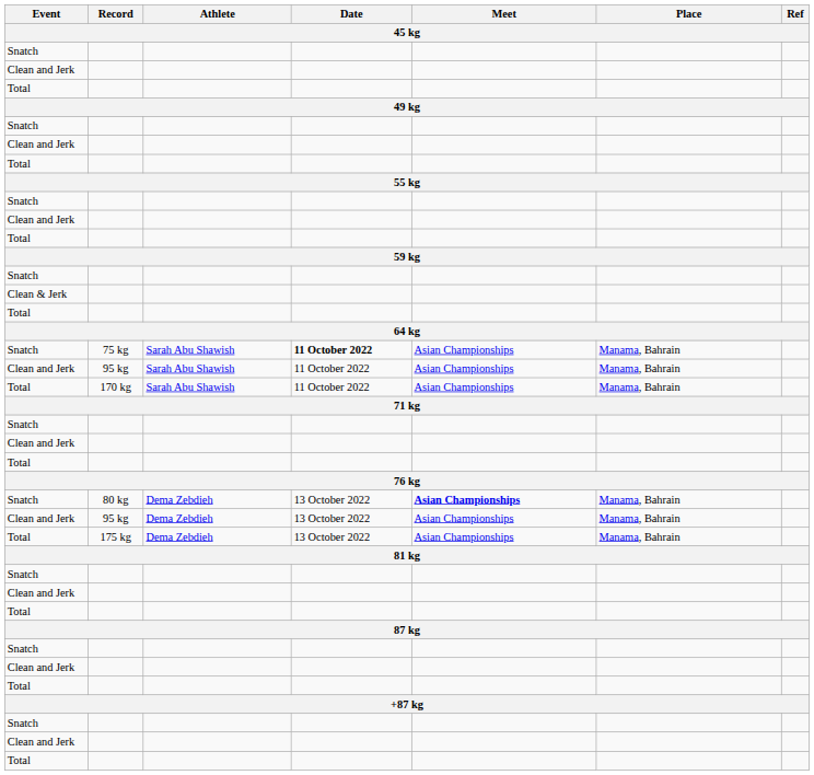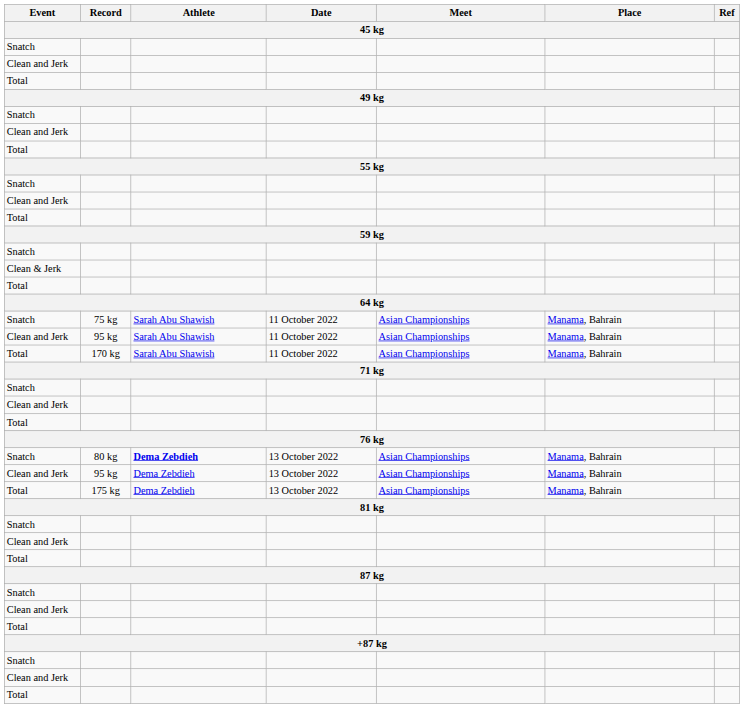 <table class="wikitable" style="font-size:95%;">
 <tr>
 <th width=9%>Event</th>
 <th width=6%>Record</th>
 <th width=16%>Athlete</th>
 <th width=13%>Date</th>
 <th width=20%>Meet</th>
 <th width=20%>Place</th>
 <th width=3%>Ref</th>
 </tr>
 <tr bgcolor="#DDDDDD">
 <th colspan="7">45 kg</th>
 </tr>
 <tr>
 <td>Snatch</td>
 <td align="center"></td>
 <td></td>
 <td></td>
 <td></td>
 <td></td>
 <td></td>
 </tr>
 <tr>
 <td>Clean and Jerk</td>
 <td align="center"></td>
 <td></td>
 <td></td>
 <td></td>
 <td></td>
 <td></td>
 </tr>
 <tr>
 <td>Total</td>
 <td align="center"></td>
 <td></td>
 <td></td>
 <td></td>
 <td></td>
 <td></td>
 </tr>
 <tr bgcolor="#DDDDDD">
 <th colspan="7">49 kg</th>
 </tr>
 <tr>
 <td>Snatch</td>
 <td align="center"></td>
 <td></td>
 <td></td>
 <td></td>
 <td></td>
 <td></td>
 </tr>
 <tr>
 <td>Clean and Jerk</td>
 <td align="center"></td>
 <td></td>
 <td></td>
 <td></td>
 <td></td>
 <td></td>
 </tr>
 <tr>
 <td>Total</td>
 <td align="center"></td>
 <td></td>
 <td></td>
 <td></td>
 <td></td>
 <td></td>
 </tr>
 <tr bgcolor="#DDDDDD">
 <th colspan="7">55 kg</th>
 </tr>
 <tr>
 <td>Snatch</td>
 <td align="center"></td>
 <td></td>
 <td></td>
 <td></td>
 <td></td>
 <td></td>
 </tr>
 <tr>
 <td>Clean and Jerk</td>
 <td align="center"></td>
 <td></td>
 <td></td>
 <td></td>
 <td></td>
 <td></td>
 </tr>
 <tr>
 <td>Total</td>
 <td align="center"></td>
 <td></td>
 <td></td>
 <td></td>
 <td></td>
 <td></td>
 </tr>
 <tr bgcolor="#DDDDDD">
 <th colspan="7">59 kg</th>
 </tr>
 <tr>
 <td>Snatch</td>
 <td align="center"></td>
 <td></td>
 <td></td>
 <td></td>
 <td></td>
 <td></td>
 </tr>
 <tr>
 <td>Clean & Jerk</td>
 <td align="center"></td>
 <td></td>
 <td></td>
 <td></td>
 <td></td>
 <td></td>
 </tr>
 <tr>
 <td>Total</td>
 <td align="center"></td>
 <td></td>
 <td></td>
 <td></td>
 <td></td>
 <td></td>
 </tr>
 <tr bgcolor="#DDDDDD">
 <th colspan="7">64 kg</th>
 </tr>
 <tr>
 <td>Snatch</td>
 <td align="center">75 kg</td>
 <td><a href='#'>Sarah Abu Shawish</a></td>
-<td><strong>11 October 2022</strong></td>
+<td>11 October 2022</td>
 <td><a href='#'>Asian Championships</a></td>
 <td><a href='#'>Manama</a>, Bahrain</td>
 <td></td>
 </tr>
 <tr>
 <td>Clean and Jerk</td>
 <td align="center">95 kg</td>
 <td><a href='#'>Sarah Abu Shawish</a></td>
 <td>11 October 2022</td>
 <td><a href='#'>Asian Championships</a></td>
 <td><a href='#'>Manama</a>, Bahrain</td>
 <td></td>
 </tr>
 <tr>
 <td>Total</td>
 <td align="center">170 kg</td>
 <td><a href='#'>Sarah Abu Shawish</a></td>
 <td>11 October 2022</td>
 <td><a href='#'>Asian Championships</a></td>
 <td><a href='#'>Manama</a>, Bahrain</td>
 <td></td>
 </tr>
 <tr bgcolor="#DDDDDD">
 <th colspan="7">71 kg</th>
 </tr>
 <tr>
 <td>Snatch</td>
 <td align="center"></td>
 <td></td>
 <td></td>
 <td></td>
 <td></td>
 <td></td>
 </tr>
 <tr>
 <td>Clean and Jerk</td>
 <td align="center"></td>
 <td></td>
 <td></td>
 <td></td>
 <td></td>
 <td></td>
 </tr>
 <tr>
 <td>Total</td>
 <td align="center"></td>
 <td></td>
 <td></td>
 <td></td>
 <td></td>
 <td></td>
 </tr>
 <tr bgcolor="#DDDDDD">
 <th colspan="7">76 kg</th>
 </tr>
 <tr>
 <td>Snatch</td>
 <td align="center">80 kg</td>
-<td><a href='#'>Dema Zebdieh</a></td>
+<td><strong><a href='#'>Dema Zebdieh</a></strong></td>
 <td>13 October 2022</td>
-<td><strong><a href='#'>Asian Championships</a></strong></td>
+<td><a href='#'>Asian Championships</a></td>
 <td><a href='#'>Manama</a>, Bahrain</td>
 <td></td>
 </tr>
 <tr>
 <td>Clean and Jerk</td>
 <td align="center">95 kg</td>
 <td><a href='#'>Dema Zebdieh</a></td>
 <td>13 October 2022</td>
 <td><a href='#'>Asian Championships</a></td>
 <td><a href='#'>Manama</a>, Bahrain</td>
 <td></td>
 </tr>
 <tr>
 <td>Total</td>
 <td align="center">175 kg</td>
 <td><a href='#'>Dema Zebdieh</a></td>
 <td>13 October 2022</td>
 <td><a href='#'>Asian Championships</a></td>
 <td><a href='#'>Manama</a>, Bahrain</td>
 <td></td>
 </tr>
 <tr bgcolor="#DDDDDD">
 <th colspan="7">81 kg</th>
 </tr>
 <tr>
 <td>Snatch</td>
 <td align="center"></td>
 <td></td>
 <td></td>
 <td></td>
 <td></td>
 <td></td>
 </tr>
 <tr>
 <td>Clean and Jerk</td>
 <td align="center"></td>
 <td></td>
 <td></td>
 <td></td>
 <td></td>
 <td></td>
 </tr>
 <tr>
 <td>Total</td>
 <td align="center"></td>
 <td></td>
 <td></td>
 <td></td>
 <td></td>
 <td></td>
 </tr>
 <tr bgcolor="#DDDDDD">
 <th colspan="7">87 kg</th>
 </tr>
 <tr>
 <td>Snatch</td>
 <td align="center"></td>
 <td></td>
 <td></td>
 <td></td>
 <td></td>
 <td></td>
 </tr>
 <tr>
 <td>Clean and Jerk</td>
 <td align="center"></td>
 <td></td>
 <td></td>
 <td></td>
 <td></td>
 <td></td>
 </tr>
 <tr>
 <td>Total</td>
 <td align="center"></td>
 <td></td>
 <td></td>
 <td></td>
 <td></td>
 <td></td>
 </tr>
 <tr bgcolor="#DDDDDD">
 <th colspan="7">+87 kg</th>
 </tr>
 <tr>
 <td>Snatch</td>
 <td align="center"></td>
 <td></td>
 <td></td>
 <td></td>
 <td></td>
 <td></td>
 </tr>
 <tr>
 <td>Clean and Jerk</td>
 <td align="center"></td>
 <td></td>
 <td></td>
 <td></td>
 <td></td>
 <td></td>
 </tr>
 <tr>
 <td>Total</td>
 <td align="center"></td>
 <td></td>
 <td></td>
 <td></td>
 <td></td>
 <td></td>
 </tr>
 </table>
